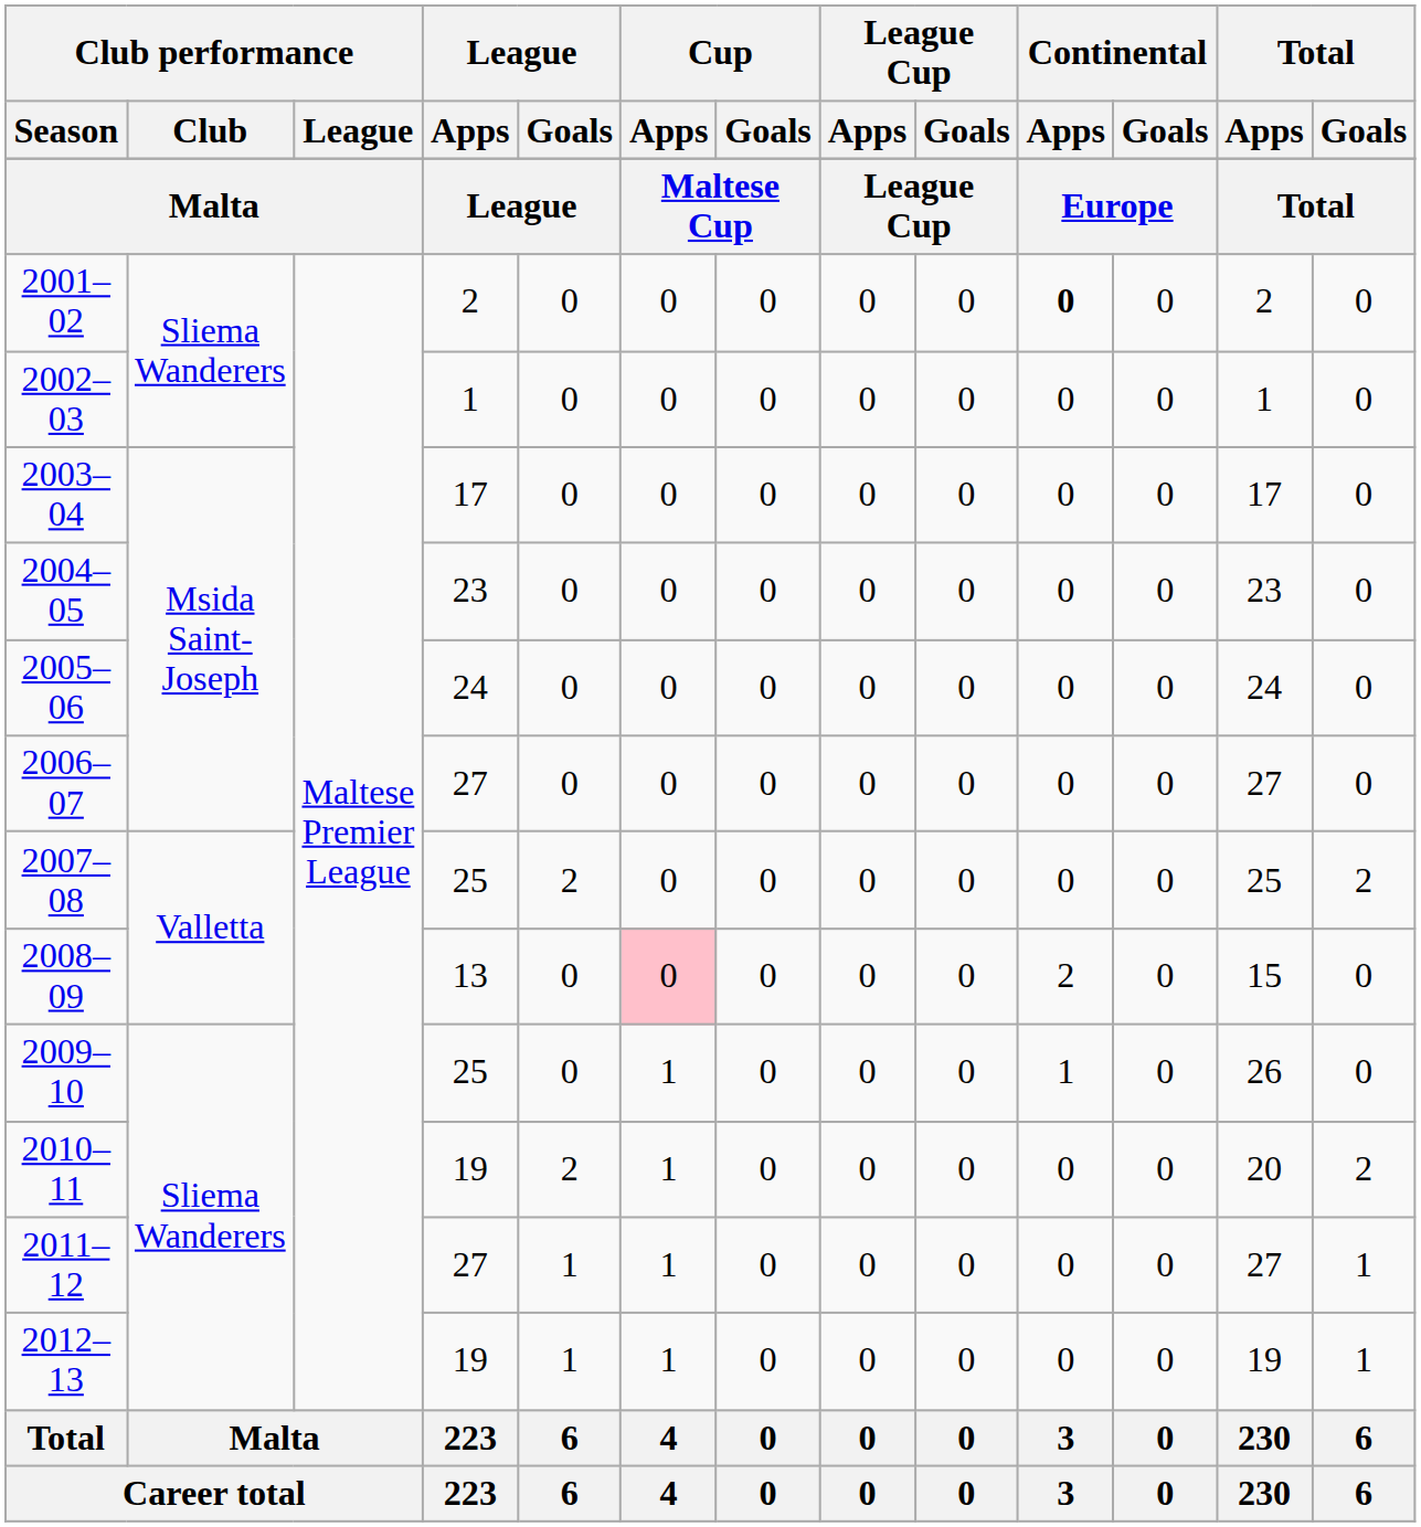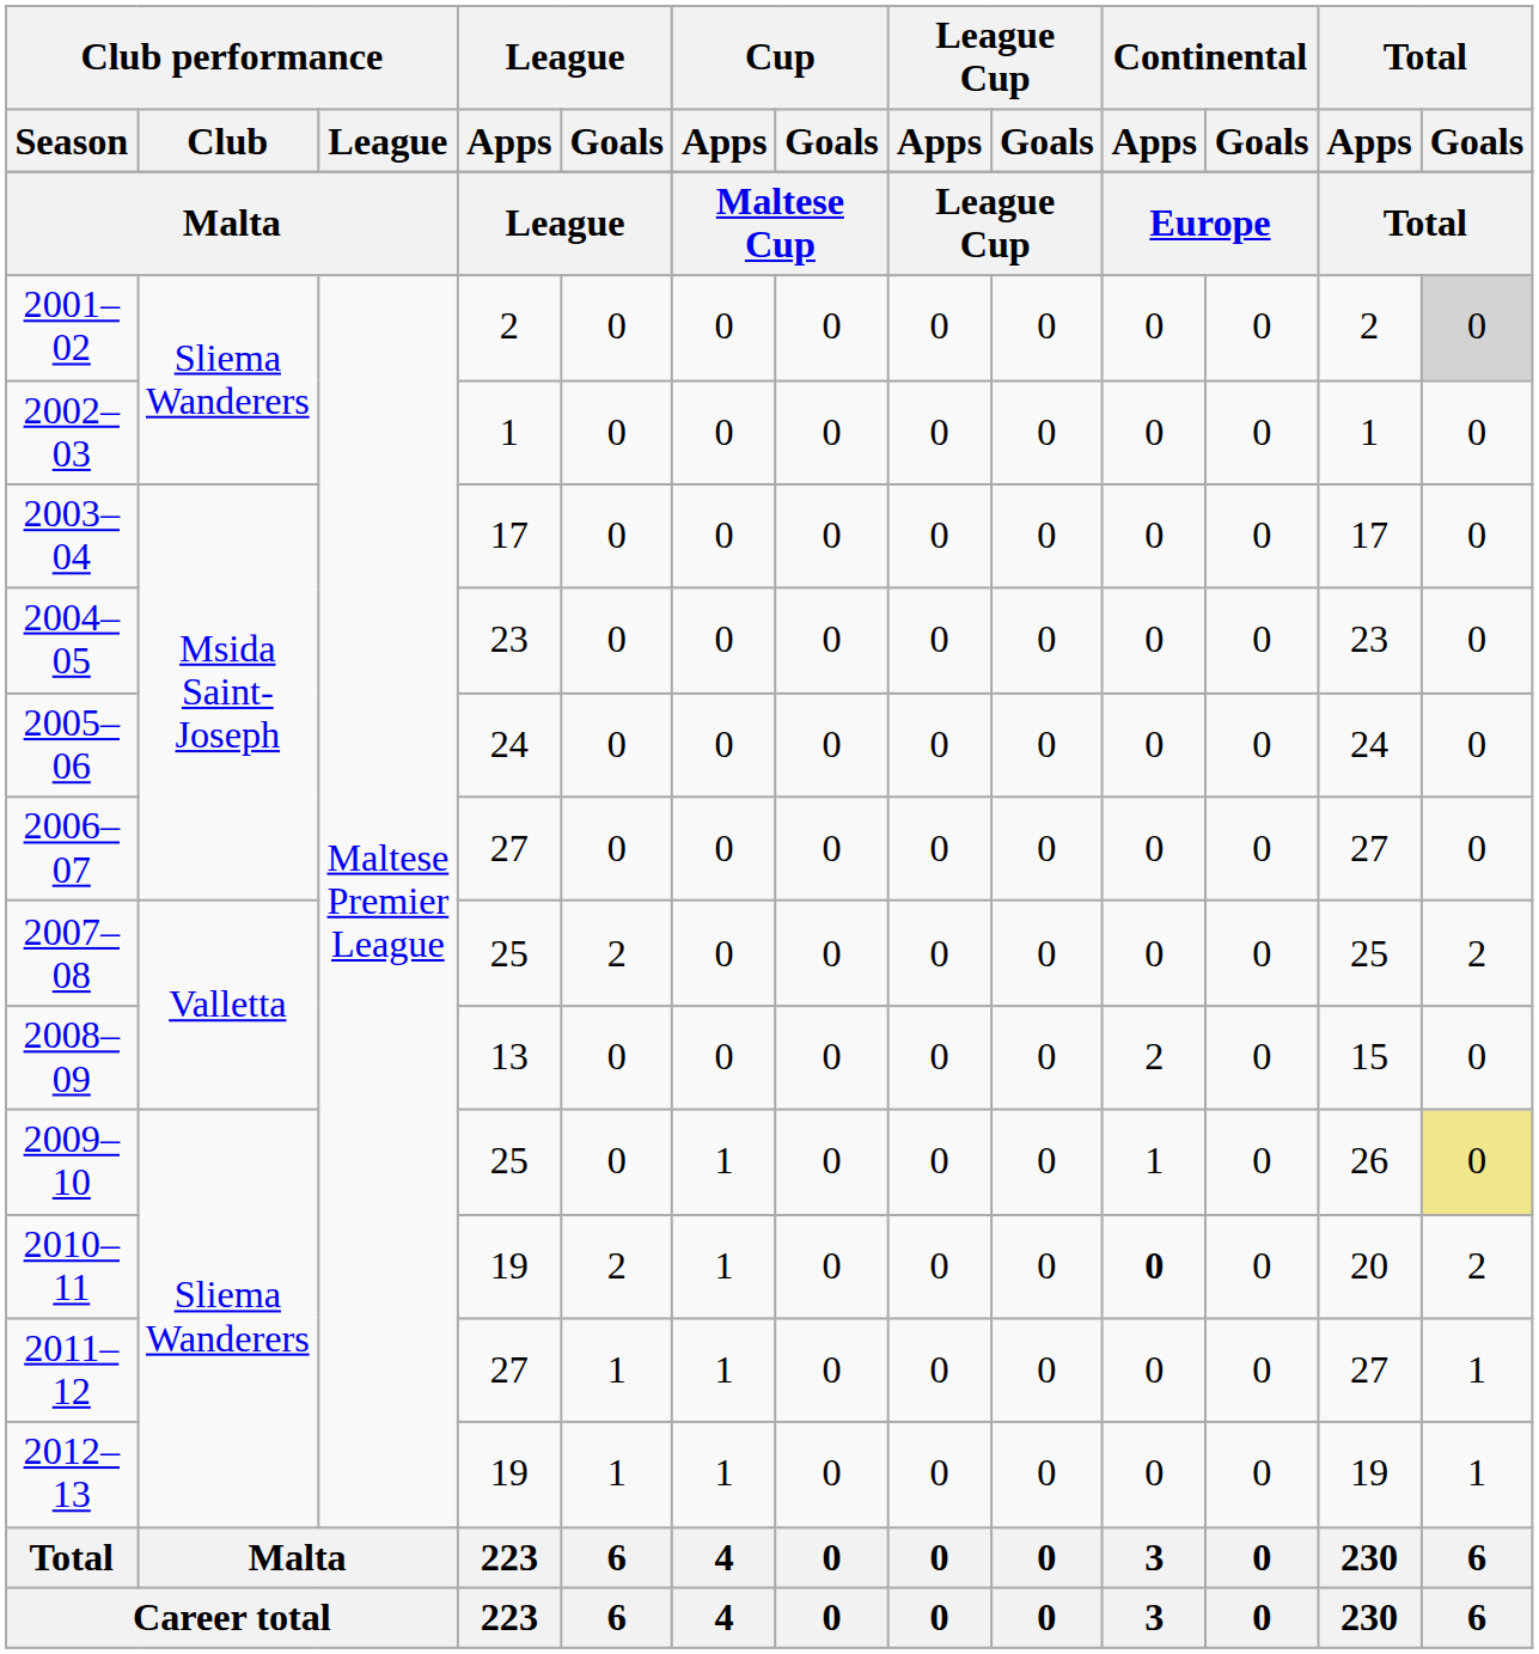 <table class="wikitable" style="text-align:center">
 <tr>
 <th colspan=3>Club performance</th>
 <th colspan=2>League</th>
 <th colspan=2>Cup</th>
 <th colspan=2>League Cup</th>
 <th colspan=2>Continental</th>
 <th colspan=2>Total</th>
 </tr>
 <tr>
 <th>Season</th>
 <th>Club</th>
 <th>League</th>
 <th>Apps</th>
 <th>Goals</th>
 <th>Apps</th>
 <th>Goals</th>
 <th>Apps</th>
 <th>Goals</th>
 <th>Apps</th>
 <th>Goals</th>
 <th>Apps</th>
 <th>Goals</th>
 </tr>
 <tr>
 </tr>
 <tr>
 <th colspan=3>Malta</th>
 <th colspan=2>League</th>
 <th colspan=2><a href='#'>Maltese Cup</a></th>
 <th colspan=2>League Cup</th>
 <th colspan=2><a href='#'>Europe</a></th>
 <th colspan=2>Total</th>
 </tr>
 <tr>
 <td><a href='#'>2001–02</a></td>
 <td rowspan="2"><a href='#'>Sliema Wanderers</a></td>
 <td rowspan="12"><a href='#'>Maltese Premier League</a></td>
 <td>2</td>
 <td>0</td>
 <td>0</td>
 <td>0</td>
 <td>0</td>
 <td>0</td>
-<td><strong>0</strong></td>
+<td>0</td>
 <td>0</td>
 <td>2</td>
-<td>0</td>
+<td style="background: lightgrey;">0</td>
 </tr>
 <tr>
 <td><a href='#'>2002–03</a></td>
 <td>1</td>
 <td>0</td>
 <td>0</td>
 <td>0</td>
 <td>0</td>
 <td>0</td>
 <td>0</td>
 <td>0</td>
 <td>1</td>
 <td>0</td>
 </tr>
 <tr>
 <td><a href='#'>2003–04</a></td>
 <td rowspan="4"><a href='#'>Msida Saint-Joseph</a></td>
 <td>17</td>
 <td>0</td>
 <td>0</td>
 <td>0</td>
 <td>0</td>
 <td>0</td>
 <td>0</td>
 <td>0</td>
 <td>17</td>
 <td>0</td>
 </tr>
 <tr>
 <td><a href='#'>2004–05</a></td>
 <td>23</td>
 <td>0</td>
 <td>0</td>
 <td>0</td>
 <td>0</td>
 <td>0</td>
 <td>0</td>
 <td>0</td>
 <td>23</td>
 <td>0</td>
 </tr>
 <tr>
 <td><a href='#'>2005–06</a></td>
 <td>24</td>
 <td>0</td>
 <td>0</td>
 <td>0</td>
 <td>0</td>
 <td>0</td>
 <td>0</td>
 <td>0</td>
 <td>24</td>
 <td>0</td>
 </tr>
 <tr>
 <td><a href='#'>2006–07</a></td>
 <td>27</td>
 <td>0</td>
 <td>0</td>
 <td>0</td>
 <td>0</td>
 <td>0</td>
 <td>0</td>
 <td>0</td>
 <td>27</td>
 <td>0</td>
 </tr>
 <tr>
 <td><a href='#'>2007–08</a></td>
 <td rowspan="2"><a href='#'>Valletta</a></td>
 <td>25</td>
 <td>2</td>
 <td>0</td>
 <td>0</td>
 <td>0</td>
 <td>0</td>
 <td>0</td>
 <td>0</td>
 <td>25</td>
 <td>2</td>
 </tr>
 <tr>
 <td><a href='#'>2008–09</a></td>
 <td>13</td>
 <td>0</td>
-<td style="background: pink;">0</td>
+<td>0</td>
 <td>0</td>
 <td>0</td>
 <td>0</td>
 <td>2</td>
 <td>0</td>
 <td>15</td>
 <td>0</td>
 </tr>
 <tr>
 <td><a href='#'>2009–10</a></td>
 <td rowspan="4"><a href='#'>Sliema Wanderers</a></td>
 <td>25</td>
 <td>0</td>
 <td>1</td>
 <td>0</td>
 <td>0</td>
 <td>0</td>
 <td>1</td>
 <td>0</td>
 <td>26</td>
-<td>0</td>
+<td style="background: khaki;">0</td>
 </tr>
 <tr>
 <td><a href='#'>2010–11</a></td>
 <td>19</td>
 <td>2</td>
 <td>1</td>
 <td>0</td>
 <td>0</td>
 <td>0</td>
-<td>0</td>
+<td><strong>0</strong></td>
 <td>0</td>
 <td>20</td>
 <td>2</td>
 </tr>
 <tr>
 <td><a href='#'>2011–12</a></td>
 <td>27</td>
 <td>1</td>
 <td>1</td>
 <td>0</td>
 <td>0</td>
 <td>0</td>
 <td>0</td>
 <td>0</td>
 <td>27</td>
 <td>1</td>
 </tr>
 <tr>
 <td><a href='#'>2012–13</a></td>
 <td>19</td>
 <td>1</td>
 <td>1</td>
 <td>0</td>
 <td>0</td>
 <td>0</td>
 <td>0</td>
 <td>0</td>
 <td>19</td>
 <td>1</td>
 </tr>
 <tr>
 <th rowspan=1>Total</th>
 <th colspan=2>Malta</th>
 <th>223</th>
 <th>6</th>
 <th>4</th>
 <th>0</th>
 <th>0</th>
 <th>0</th>
 <th>3</th>
 <th>0</th>
 <th>230</th>
 <th>6</th>
 </tr>
 <tr>
 <th colspan=3>Career total</th>
 <th>223</th>
 <th>6</th>
 <th>4</th>
 <th>0</th>
 <th>0</th>
 <th>0</th>
 <th>3</th>
 <th>0</th>
 <th>230</th>
 <th>6</th>
 </tr>
 </table>
